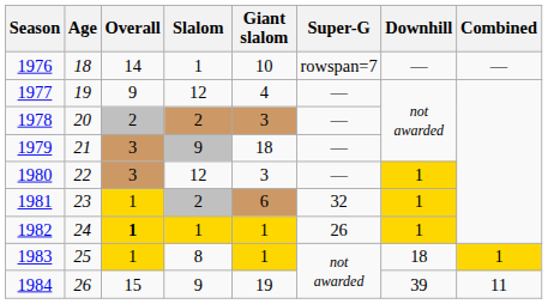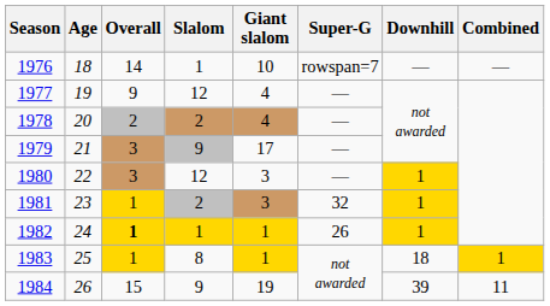 <table class=wikitable style="text-align:center">
 <tr>
 <th>Season</th>
 <th>Age</th>
 <th>Overall</th>
 <th> Slalom </th>
 <th>Giant<br> slalom </th>
 <th>Super-G</th>
 <th>Downhill</th>
 <th>Combined</th>
 </tr>
 <tr>
 <td><a href='#'>1976</a></td>
 <td><em>18</em></td>
 <td>14</td>
 <td>1</td>
 <td>10</td>
 <td>rowspan=7</td>
 <td>—</td>
 <td>—</td>
 </tr>
 <tr>
 <td><a href='#'>1977</a></td>
 <td><em>19</em></td>
 <td>9</td>
 <td>12</td>
 <td>4</td>
 <td>—</td>
 <td rowspan=3><small><em>not<br>awarded</em></small></td>
 </tr>
 <tr>
 <td><a href='#'>1978</a></td>
 <td><em>20</em></td>
 <td bgcolor="silver">2</td>
 <td bgcolor="cc9966">2</td>
-<td bgcolor="cc9966">3</td>
+<td bgcolor="cc9966">4</td>
 <td>—</td>
 </tr>
 <tr>
 <td><a href='#'>1979</a></td>
 <td><em>21</em></td>
 <td bgcolor="cc9966">3</td>
 <td bgcolor="silver">9</td>
-<td>18</td>
+<td>17</td>
 <td>—</td>
 </tr>
 <tr>
 <td><a href='#'>1980</a></td>
 <td><em>22</em></td>
 <td bgcolor="cc9966">3</td>
 <td>12</td>
 <td>3</td>
 <td>—</td>
 <td bgcolor="gold">1</td>
 </tr>
 <tr>
 <td><a href='#'>1981</a></td>
 <td><em>23</em></td>
 <td bgcolor="gold">1</td>
 <td bgcolor="silver">2</td>
-<td bgcolor="cc9966">6</td>
+<td bgcolor="cc9966">3</td>
 <td>32</td>
 <td bgcolor="gold">1</td>
 </tr>
 <tr>
 <td><a href='#'>1982</a></td>
 <td><em>24</em></td>
 <td bgcolor="gold"><strong>1</strong></td>
 <td bgcolor="gold">1</td>
 <td bgcolor="gold">1</td>
 <td>26</td>
 <td bgcolor="gold">1</td>
 </tr>
 <tr>
 <td><a href='#'>1983</a></td>
 <td><em>25</em></td>
 <td bgcolor="gold">1</td>
 <td>8</td>
 <td bgcolor="gold">1</td>
 <td rowspan=2><small><em>not<br>awarded</em></small></td>
 <td>18</td>
 <td bgcolor="gold">1</td>
 </tr>
 <tr>
 <td><a href='#'>1984</a></td>
 <td><em>26</em></td>
 <td>15</td>
 <td>9</td>
 <td>19</td>
 <td>39</td>
 <td>11</td>
 </tr>
 </table>
